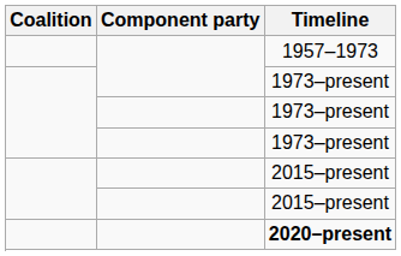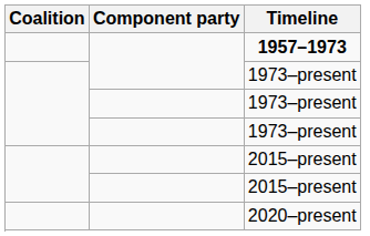 <table class="wikitable">
 <tr>
 <th>Coalition</th>
 <th>Component party</th>
 <th>Timeline</th>
 </tr>
 <tr>
 <td></td>
 <td rowspan=2></td>
-<td align=center>1957–1973</td>
+<td align=center><strong>1957–1973</strong></td>
 </tr>
 <tr>
 <td rowspan=3></td>
 <td align=center>1973–present</td>
 </tr>
 <tr>
 <td></td>
 <td align=center>1973–present</td>
 </tr>
 <tr>
 <td></td>
 <td align=center>1973–present</td>
 </tr>
 <tr>
 <td rowspan=2></td>
 <td></td>
 <td align=center>2015–present</td>
 </tr>
 <tr>
 <td></td>
 <td align=center>2015–present</td>
 </tr>
 <tr>
 <td rowspan=2></td>
 <td></td>
-<td align=center><strong>2020–present</strong></td>
+<td align=center>2020–present</td>
 </tr>
 <tr>
 </tr>
 </table>
